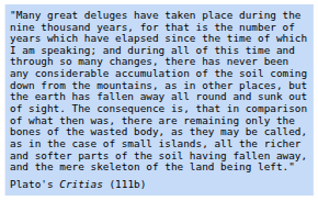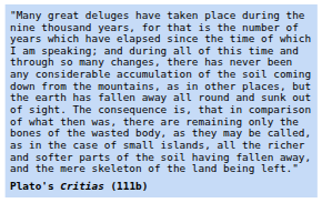 <table class="toccolours" style="float: right; margin-left: 1em; margin-right: 2em; font-size: 95%; background:#c6dbf7; width:30em; max-width: 40%;" cellspacing="5">
 <tr>
 <td style="text-align: left;">"Many great deluges have taken place during the nine thousand years, for that is the number of years which have elapsed since the time of which I am speaking; and during all of this time and through so many changes, there has never been any considerable accumulation of the soil coming down from the mountains, as in other places, but the earth has fallen away all round and sunk out of sight. The consequence is, that in comparison of what then was, there are  remaining only the bones of the wasted body, as they may be called, as in the case of small islands, all the  richer and softer parts of the soil having fallen away, and the mere skeleton of the land being left."</td>
 </tr>
 <tr>
-<td style="text-align: left;">Plato's <em>Critias</em> (111b)</td>
+<td style="text-align: left;"><strong>Plato's <em>Critias</em> (111b)</strong></td>
 </tr>
 </table>
